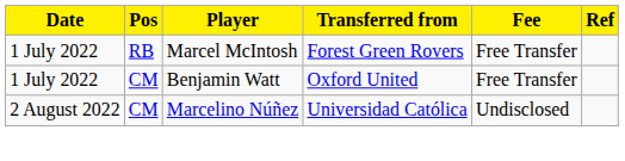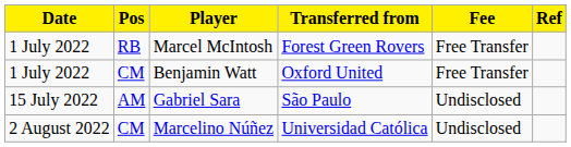 <table class="wikitable plainrowheaders sortable">
 <tr>
 <th style="background:#FFF000; color:#000000; ">Date</th>
 <th style="background:#FFF000; color:#000000; ">Pos</th>
 <th style="background:#FFF000; color:#000000; ">Player</th>
 <th style="background:#FFF000; color:#000000; ">Transferred from</th>
 <th style="background:#FFF000; color:#000000; ">Fee</th>
 <th style="background:#FFF000; color:#000000; ">Ref</th>
 </tr>
 <tr>
 <td>1 July 2022</td>
 <td><a href='#'>RB</a></td>
 <td> Marcel McIntosh</td>
 <td> <a href='#'>Forest Green Rovers</a></td>
 <td>Free Transfer</td>
 <td></td>
 </tr>
 <tr>
 <td>1 July 2022</td>
 <td><a href='#'>CM</a></td>
 <td> Benjamin Watt</td>
 <td> <a href='#'>Oxford United</a></td>
 <td>Free Transfer</td>
 <td></td>
 </tr>
 <tr>
+<td>15 July 2022</td>
+<td><a href='#'>AM</a></td>
+<td> <a href='#'>Gabriel Sara</a></td>
+<td> <a href='#'>São Paulo</a></td>
+<td>Undisclosed</td>
+<td></td>
+</tr>
+<tr>
 <td>2 August 2022</td>
 <td><a href='#'>CM</a></td>
 <td> <a href='#'>Marcelino Núñez</a></td>
 <td> <a href='#'>Universidad Católica</a></td>
 <td>Undisclosed</td>
 <td></td>
 </tr>
 </table>
